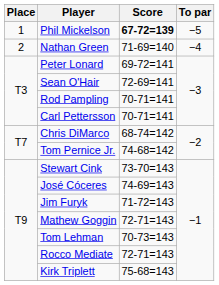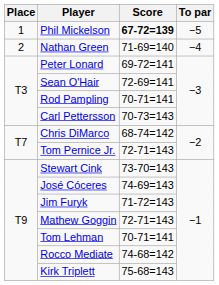 <table class="wikitable">
 <tr>
 <th>Place</th>
 <th>Player</th>
 <th>Score</th>
 <th>To par</th>
 </tr>
 <tr>
 <td align=center>1</td>
 <td> <a href='#'>Phil Mickelson</a></td>
 <td><strong>67-72=139</strong></td>
 <td align=center>−5</td>
 </tr>
 <tr>
 <td align=center>2</td>
 <td> <a href='#'>Nathan Green</a></td>
 <td>71-69=140</td>
 <td align=center>−4</td>
 </tr>
 <tr>
 <td rowspan="4" align=center>T3</td>
 <td> <a href='#'>Peter Lonard</a></td>
 <td>69-72=141</td>
 <td rowspan="4" align=center>−3</td>
 </tr>
 <tr>
 <td> <a href='#'>Sean O'Hair</a></td>
 <td>72-69=141</td>
 </tr>
 <tr>
 <td> <a href='#'>Rod Pampling</a></td>
 <td>70-71=141</td>
 </tr>
 <tr>
 <td> <a href='#'>Carl Pettersson</a></td>
-<td>70-71=141</td>
+<td>70-73=143</td>
 </tr>
 <tr>
 <td rowspan="2" align=center>T7</td>
 <td> <a href='#'>Chris DiMarco</a></td>
 <td>68-74=142</td>
 <td rowspan="2" align=center>−2</td>
 </tr>
 <tr>
 <td> <a href='#'>Tom Pernice Jr.</a></td>
-<td>74-68=142</td>
+<td>72-71=143</td>
 </tr>
 <tr>
 <td rowspan="7" align=center>T9</td>
 <td> <a href='#'>Stewart Cink</a></td>
 <td>73-70=143</td>
 <td rowspan="7" align=center>−1</td>
 </tr>
 <tr>
 <td> <a href='#'>José Cóceres</a></td>
 <td>74-69=143</td>
 </tr>
 <tr>
 <td> <a href='#'>Jim Furyk</a></td>
 <td>71-72=143</td>
 </tr>
 <tr>
 <td> <a href='#'>Mathew Goggin</a></td>
 <td>72-71=143</td>
 </tr>
 <tr>
 <td> <a href='#'>Tom Lehman</a></td>
-<td>70-73=143</td>
+<td>70-71=141</td>
 </tr>
 <tr>
 <td> <a href='#'>Rocco Mediate</a></td>
-<td>72-71=143</td>
+<td>74-68=142</td>
 </tr>
 <tr>
 <td> <a href='#'>Kirk Triplett</a></td>
 <td>75-68=143</td>
 </tr>
 </table>
